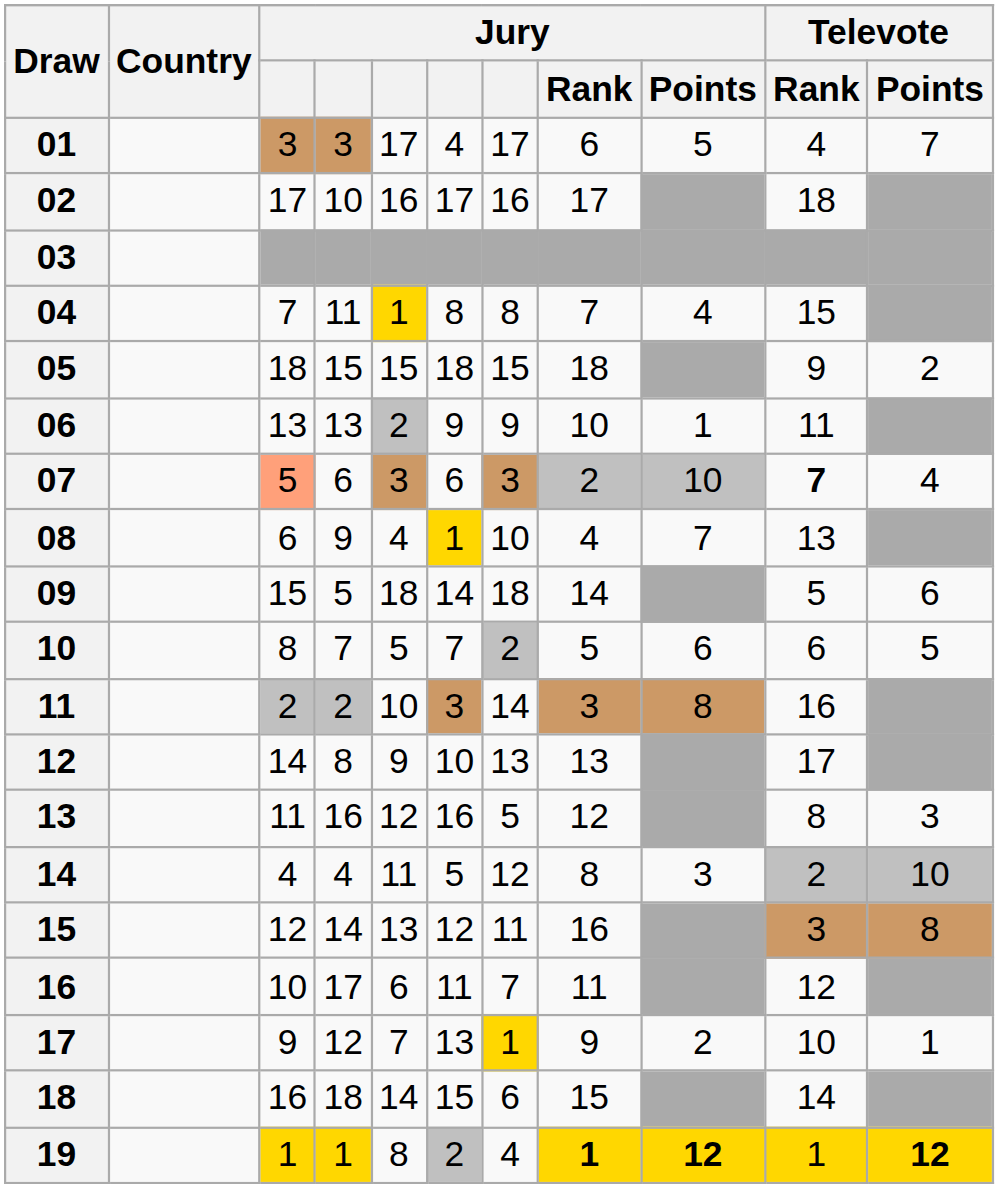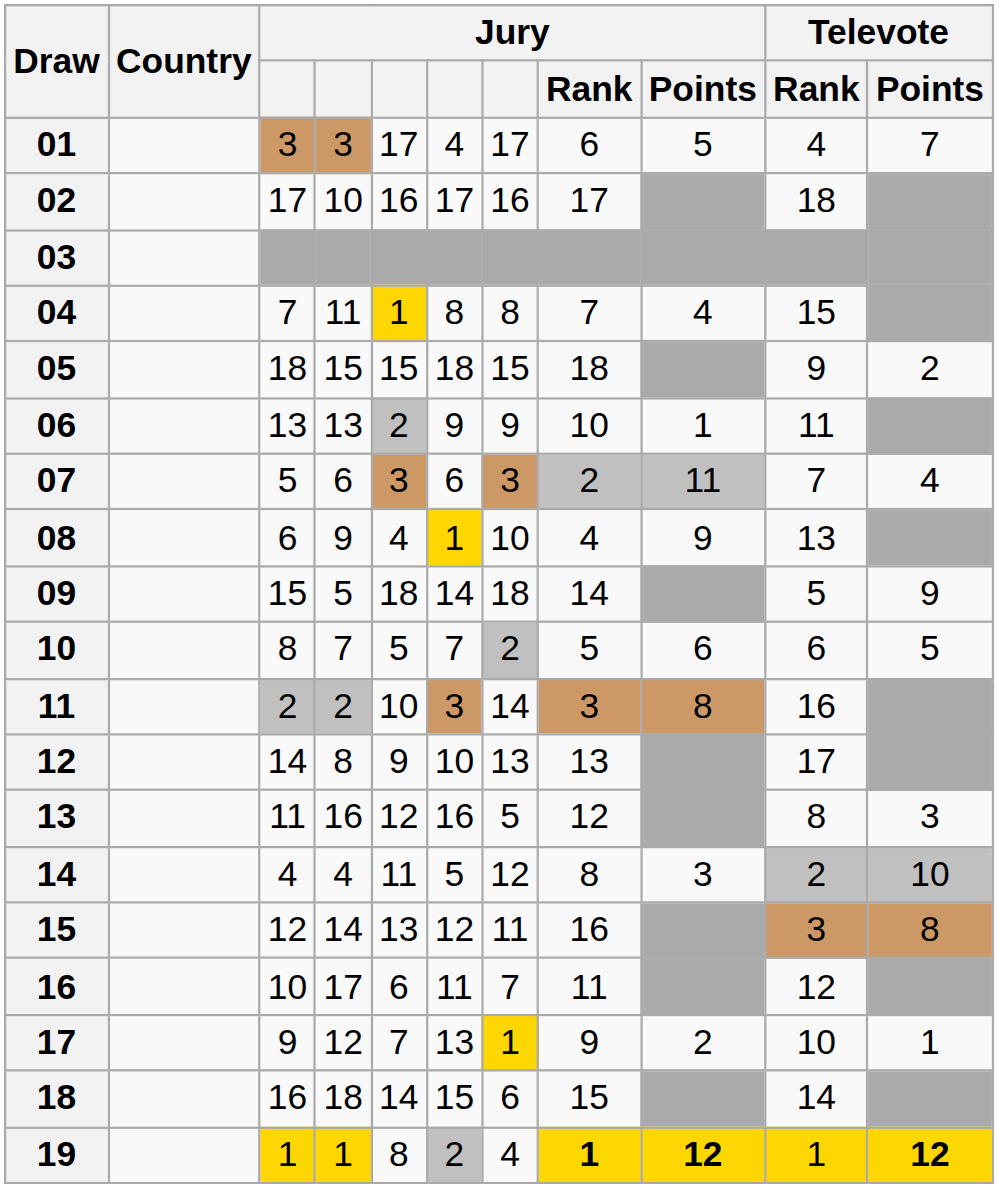 <table class="sortable wikitable collapsible plainrowheaders" style="text-align:center;">
 <tr>
 </tr>
 <tr>
 <th scope="col" rowspan="2">Draw</th>
 <th scope="col" rowspan="2">Country</th>
 <th scope="col" colspan="7">Jury</th>
 <th scope="col" colspan="2">Televote</th>
 </tr>
 <tr>
 <th scope="col"></th>
 <th scope="col"></th>
 <th scope="col"></th>
 <th scope="col"></th>
 <th scope="col"></th>
 <th scope="col">Rank</th>
 <th scope="col">Points</th>
 <th scope="col">Rank</th>
 <th scope="col">Points</th>
 </tr>
 <tr>
 <th scope="row" style="text-align:center;">01</th>
 <td style="text-align:left;"></td>
 <td style="background:#CC9966;">3</td>
 <td style="background:#CC9966;">3</td>
 <td>17</td>
 <td>4</td>
 <td>17</td>
 <td>6</td>
 <td>5</td>
 <td>4</td>
 <td>7</td>
 </tr>
 <tr>
 <th scope="row" style="text-align:center;">02</th>
 <td style="text-align:left;"></td>
 <td>17</td>
 <td>10</td>
 <td>16</td>
 <td>17</td>
 <td>16</td>
 <td>17</td>
 <td style="background:#AAAAAA;"></td>
 <td>18</td>
 <td style="background:#AAAAAA;"></td>
 </tr>
 <tr class="sortbottom">
 <th scope="row" style="text-align:center;">03</th>
 <td style="text-align:left;"></td>
 <td style="background:#AAAAAA;"></td>
 <td style="background:#AAAAAA;"></td>
 <td style="background:#AAAAAA;"></td>
 <td style="background:#AAAAAA;"></td>
 <td style="background:#AAAAAA;"></td>
 <td style="background:#AAAAAA;"></td>
 <td style="background:#AAAAAA;"></td>
 <td style="background:#AAAAAA;"></td>
 <td style="background:#AAAAAA;"></td>
 </tr>
 <tr>
 <th scope="row" style="text-align:center;">04</th>
 <td style="text-align:left;"></td>
 <td>7</td>
 <td>11</td>
 <td style="background:gold;">1</td>
 <td>8</td>
 <td>8</td>
 <td>7</td>
 <td>4</td>
 <td>15</td>
 <td style="background:#AAAAAA;"></td>
 </tr>
 <tr>
 <th scope="row" style="text-align:center;">05</th>
 <td style="text-align:left;"></td>
 <td>18</td>
 <td>15</td>
 <td>15</td>
 <td>18</td>
 <td>15</td>
 <td>18</td>
 <td style="background:#AAAAAA;"></td>
 <td>9</td>
 <td>2</td>
 </tr>
 <tr>
 <th scope="row" style="text-align:center;">06</th>
 <td style="text-align:left;"></td>
 <td>13</td>
 <td>13</td>
 <td style="background:silver;">2</td>
 <td>9</td>
 <td>9</td>
 <td>10</td>
 <td>1</td>
 <td>11</td>
 <td style="background:#AAAAAA;"></td>
 </tr>
 <tr>
 <th scope="row" style="text-align:center;">07</th>
 <td style="text-align:left;"></td>
-<td style="background: lightsalmon;">5</td>
+<td>5</td>
 <td>6</td>
 <td style="background:#CC9966;">3</td>
 <td>6</td>
 <td style="background:#CC9966;">3</td>
 <td style="background:silver;">2</td>
-<td style="background:silver;">10</td>
-<td><strong>7</strong></td>
+<td style="background:silver;">11</td>
+<td>7</td>
 <td>4</td>
 </tr>
 <tr>
 <th scope="row" style="text-align:center;">08</th>
 <td style="text-align:left;"></td>
 <td>6</td>
 <td>9</td>
 <td>4</td>
 <td style="background:gold;">1</td>
 <td>10</td>
 <td>4</td>
-<td>7</td>
+<td>9</td>
 <td>13</td>
 <td style="background:#AAAAAA;"></td>
 </tr>
 <tr>
 <th scope="row" style="text-align:center;">09</th>
 <td style="text-align:left;"></td>
 <td>15</td>
 <td>5</td>
 <td>18</td>
 <td>14</td>
 <td>18</td>
 <td>14</td>
 <td style="background:#AAAAAA;"></td>
 <td>5</td>
-<td>6</td>
+<td>9</td>
 </tr>
 <tr>
 <th scope="row" style="text-align:center;">10</th>
 <td style="text-align:left;"></td>
 <td>8</td>
 <td>7</td>
 <td>5</td>
 <td>7</td>
 <td style="background:silver;">2</td>
 <td>5</td>
 <td>6</td>
 <td>6</td>
 <td>5</td>
 </tr>
 <tr>
 <th scope="row" style="text-align:center;">11</th>
 <td style="text-align:left;"></td>
 <td style="background:silver;">2</td>
 <td style="background:silver;">2</td>
 <td>10</td>
 <td style="background:#CC9966;">3</td>
 <td>14</td>
 <td style="background:#CC9966;">3</td>
 <td style="background:#CC9966;">8</td>
 <td>16</td>
 <td style="background:#AAAAAA;"></td>
 </tr>
 <tr>
 <th scope="row" style="text-align:center;">12</th>
 <td style="text-align:left;"></td>
 <td>14</td>
 <td>8</td>
 <td>9</td>
 <td>10</td>
 <td>13</td>
 <td>13</td>
 <td style="background:#AAAAAA;"></td>
 <td>17</td>
 <td style="background:#AAAAAA;"></td>
 </tr>
 <tr>
 <th scope="row" style="text-align:center;">13</th>
 <td style="text-align:left;"></td>
 <td>11</td>
 <td>16</td>
 <td>12</td>
 <td>16</td>
 <td>5</td>
 <td>12</td>
 <td style="background:#AAAAAA;"></td>
 <td>8</td>
 <td>3</td>
 </tr>
 <tr>
 <th scope="row" style="text-align:center;">14</th>
 <td style="text-align:left;"></td>
 <td>4</td>
 <td>4</td>
 <td>11</td>
 <td>5</td>
 <td>12</td>
 <td>8</td>
 <td>3</td>
 <td style="background:silver;">2</td>
 <td style="background:silver;">10</td>
 </tr>
 <tr>
 <th scope="row" style="text-align:center;">15</th>
 <td style="text-align:left;"></td>
 <td>12</td>
 <td>14</td>
 <td>13</td>
 <td>12</td>
 <td>11</td>
 <td>16</td>
 <td style="background:#AAAAAA;"></td>
 <td style="background:#CC9966;">3</td>
 <td style="background:#CC9966;">8</td>
 </tr>
 <tr>
 <th scope="row" style="text-align:center;">16</th>
 <td style="text-align:left;"></td>
 <td>10</td>
 <td>17</td>
 <td>6</td>
 <td>11</td>
 <td>7</td>
 <td>11</td>
 <td style="background:#AAAAAA;"></td>
 <td>12</td>
 <td style="background:#AAAAAA;"></td>
 </tr>
 <tr>
 <th scope="row" style="text-align:center;">17</th>
 <td style="text-align:left;"></td>
 <td>9</td>
 <td>12</td>
 <td>7</td>
 <td>13</td>
 <td style="background:gold;">1</td>
 <td>9</td>
 <td>2</td>
 <td>10</td>
 <td>1</td>
 </tr>
 <tr>
 <th scope="row" style="text-align:center;">18</th>
 <td style="text-align:left;"></td>
 <td>16</td>
 <td>18</td>
 <td>14</td>
 <td>15</td>
 <td>6</td>
 <td>15</td>
 <td style="background:#AAAAAA;"></td>
 <td>14</td>
 <td style="background:#AAAAAA;"></td>
 </tr>
 <tr>
 <th scope="row" style="text-align:center;">19</th>
 <td style="text-align:left;"></td>
 <td style="background:gold;">1</td>
 <td style="background:gold;">1</td>
 <td>8</td>
 <td style="background:silver;">2</td>
 <td>4</td>
 <td style="background:gold;"><strong>1</strong></td>
 <td style="background:gold;"><strong>12</strong></td>
 <td style="background:gold;">1</td>
 <td style="background:gold;"><strong>12</strong></td>
 </tr>
 </table>
